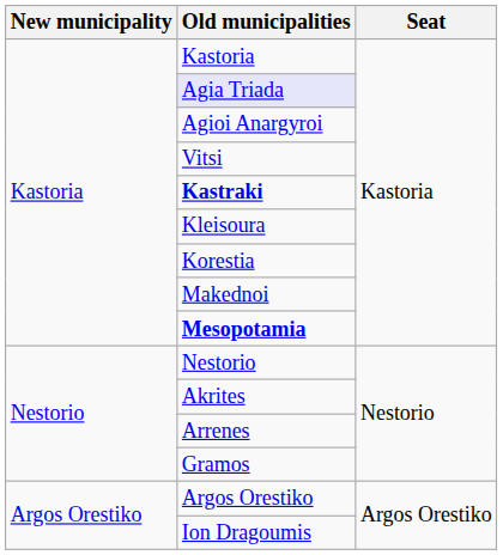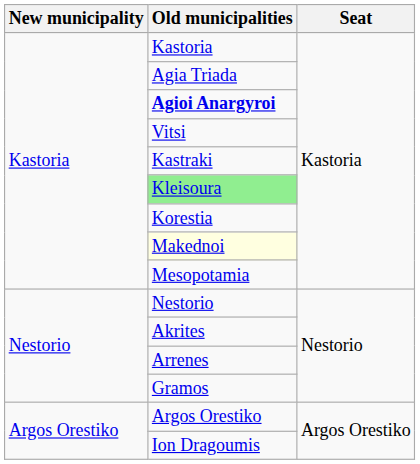 <table class="wikitable">
 <tr>
 <th>New municipality</th>
 <th>Old municipalities</th>
 <th>Seat</th>
 </tr>
 <tr>
 <td rowspan=9><a href='#'>Kastoria</a></td>
 <td><a href='#'>Kastoria</a></td>
 <td rowspan=9>Kastoria</td>
 </tr>
 <tr>
-<td style="background: lavender;"><a href='#'>Agia Triada</a></td>
+<td><a href='#'>Agia Triada</a></td>
 </tr>
 <tr>
-<td><a href='#'>Agioi Anargyroi</a></td>
+<td><strong><a href='#'>Agioi Anargyroi</a></strong></td>
 </tr>
 <tr>
 <td><a href='#'>Vitsi</a></td>
 </tr>
 <tr>
-<td><strong><a href='#'>Kastraki</a></strong></td>
+<td><a href='#'>Kastraki</a></td>
 </tr>
 <tr>
-<td><a href='#'>Kleisoura</a></td>
+<td style="background: lightgreen;"><a href='#'>Kleisoura</a></td>
 </tr>
 <tr>
 <td><a href='#'>Korestia</a></td>
 </tr>
 <tr>
-<td><a href='#'>Makednoi</a></td>
+<td style="background: lightyellow;"><a href='#'>Makednoi</a></td>
 </tr>
 <tr>
-<td><strong><a href='#'>Mesopotamia</a></strong></td>
+<td><a href='#'>Mesopotamia</a></td>
 </tr>
 <tr>
 <td rowspan=4><a href='#'>Nestorio</a></td>
 <td><a href='#'>Nestorio</a></td>
 <td rowspan=4>Nestorio</td>
 </tr>
 <tr>
 <td><a href='#'>Akrites</a></td>
 </tr>
 <tr>
 <td><a href='#'>Arrenes</a></td>
 </tr>
 <tr>
 <td><a href='#'>Gramos</a></td>
 </tr>
 <tr>
 <td rowspan=2><a href='#'>Argos Orestiko</a></td>
 <td><a href='#'>Argos Orestiko</a></td>
 <td rowspan=2>Argos Orestiko</td>
 </tr>
 <tr>
 <td><a href='#'>Ion Dragoumis</a></td>
 </tr>
 </table>
